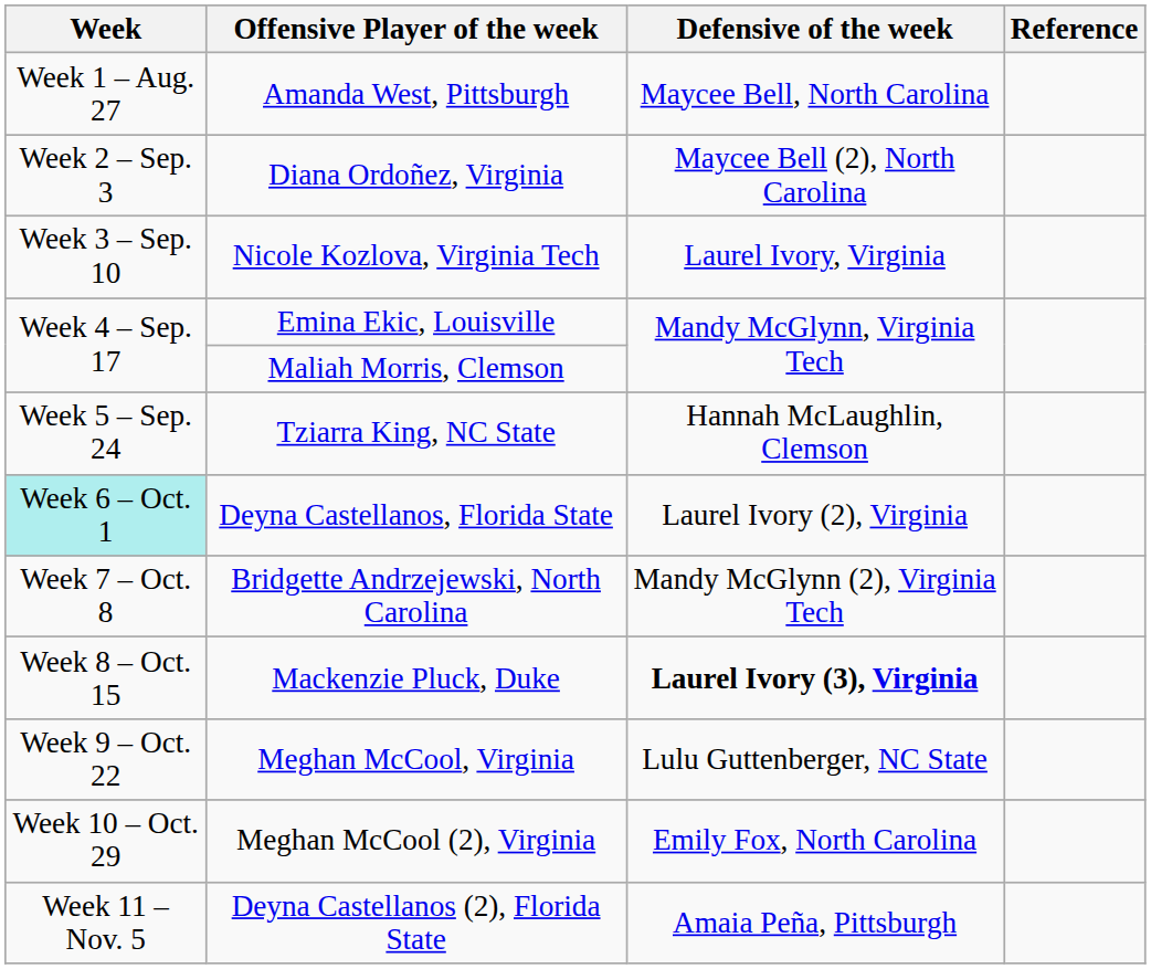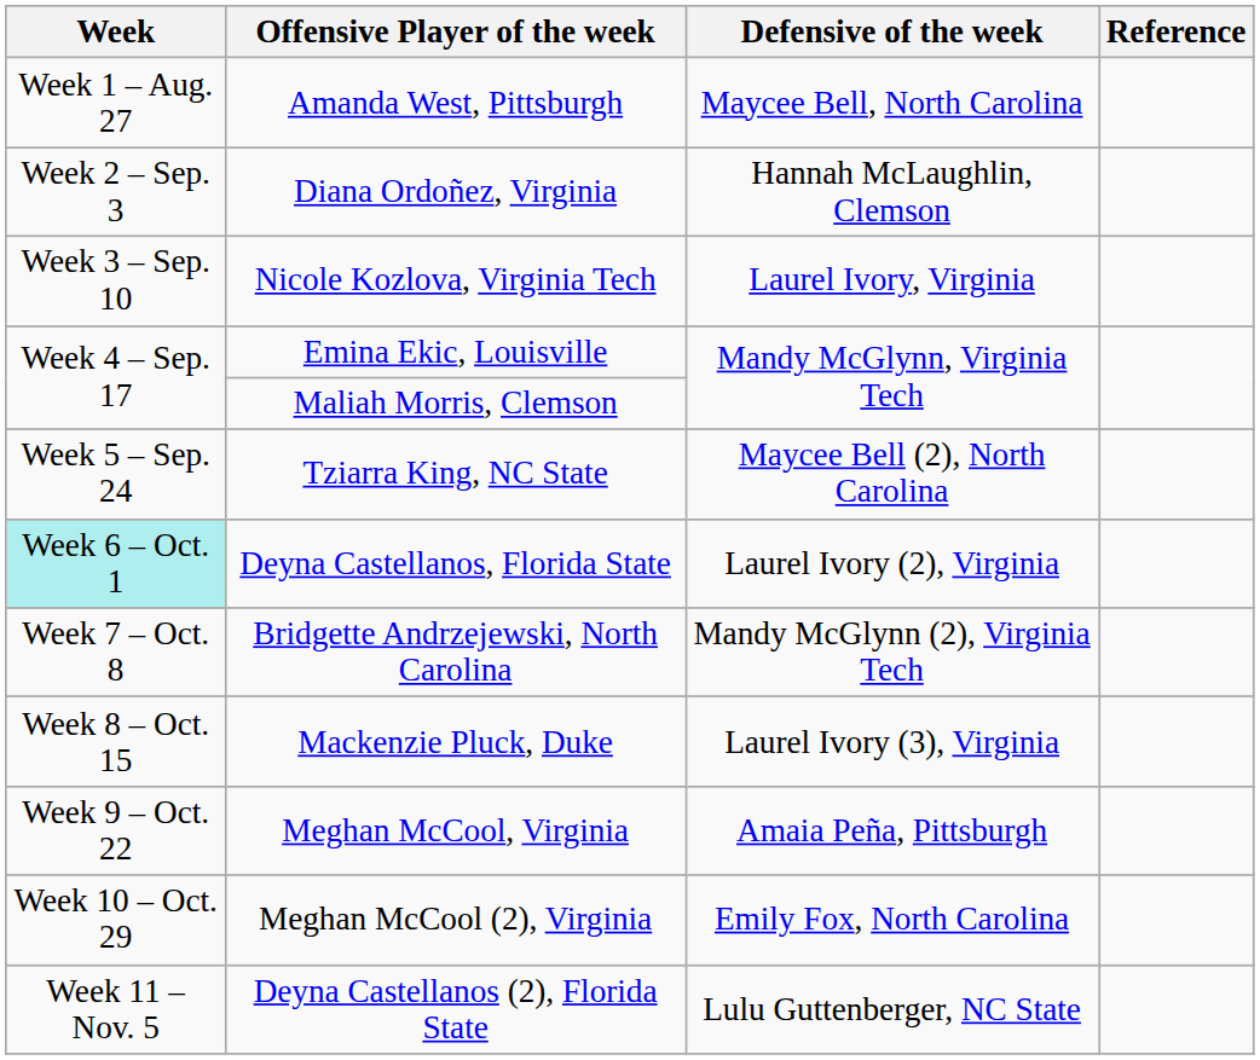 <table class="wikitable" border="1" style="text-align:center">
 <tr>
 <th>Week</th>
 <th>Offensive Player of the week</th>
 <th>Defensive of the week</th>
 <th>Reference</th>
 </tr>
 <tr>
 <td>Week 1 – Aug. 27</td>
 <td><a href='#'>Amanda West</a>, <a href='#'>Pittsburgh</a></td>
 <td><a href='#'>Maycee Bell</a>, <a href='#'>North Carolina</a></td>
 <td></td>
 </tr>
 <tr>
 <td>Week 2 – Sep. 3</td>
 <td><a href='#'>Diana Ordoñez</a>, <a href='#'>Virginia</a></td>
-<td><a href='#'>Maycee Bell</a> (2), <a href='#'>North Carolina</a></td>
+<td>Hannah McLaughlin, <a href='#'>Clemson</a></td>
 <td></td>
 </tr>
 <tr>
 <td>Week 3 – Sep. 10</td>
 <td><a href='#'>Nicole Kozlova</a>, <a href='#'>Virginia Tech</a></td>
 <td><a href='#'>Laurel Ivory</a>, <a href='#'>Virginia</a></td>
 <td></td>
 </tr>
 <tr>
 <td rowspan=2>Week 4 – Sep. 17</td>
 <td><a href='#'>Emina Ekic</a>, <a href='#'>Louisville</a></td>
 <td rowspan=2><a href='#'>Mandy McGlynn</a>, <a href='#'>Virginia Tech</a></td>
 <td rowspan=2></td>
 </tr>
 <tr>
 <td><a href='#'>Maliah Morris</a>, <a href='#'>Clemson</a></td>
 </tr>
 <tr>
 <td>Week 5 – Sep. 24</td>
 <td><a href='#'>Tziarra King</a>, <a href='#'>NC State</a></td>
-<td>Hannah McLaughlin, <a href='#'>Clemson</a></td>
+<td><a href='#'>Maycee Bell</a> (2), <a href='#'>North Carolina</a></td>
 <td></td>
 </tr>
 <tr>
 <td style="background: paleturquoise;">Week 6 – Oct. 1</td>
 <td><a href='#'>Deyna Castellanos</a>, <a href='#'>Florida State</a></td>
 <td>Laurel Ivory (2), <a href='#'>Virginia</a></td>
 <td></td>
 </tr>
 <tr>
 <td>Week 7 – Oct. 8</td>
 <td><a href='#'>Bridgette Andrzejewski</a>, <a href='#'>North Carolina</a></td>
 <td>Mandy McGlynn (2), <a href='#'>Virginia Tech</a></td>
 <td></td>
 </tr>
 <tr>
 <td>Week 8 – Oct. 15</td>
 <td><a href='#'>Mackenzie Pluck</a>, <a href='#'>Duke</a></td>
-<td><strong>Laurel Ivory (3), <a href='#'>Virginia</a></strong></td>
+<td>Laurel Ivory (3), <a href='#'>Virginia</a></td>
 <td></td>
 </tr>
 <tr>
 <td>Week 9 – Oct. 22</td>
 <td><a href='#'>Meghan McCool</a>, <a href='#'>Virginia</a></td>
-<td>Lulu Guttenberger, <a href='#'>NC State</a></td>
+<td><a href='#'>Amaia Peña</a>, <a href='#'>Pittsburgh</a></td>
 <td></td>
 </tr>
 <tr>
 <td>Week 10 – Oct. 29</td>
 <td>Meghan McCool (2), <a href='#'>Virginia</a></td>
 <td><a href='#'>Emily Fox</a>, <a href='#'>North Carolina</a></td>
 <td></td>
 </tr>
 <tr>
 <td>Week 11 – Nov. 5</td>
 <td><a href='#'>Deyna Castellanos</a> (2), <a href='#'>Florida State</a></td>
-<td><a href='#'>Amaia Peña</a>, <a href='#'>Pittsburgh</a></td>
+<td>Lulu Guttenberger, <a href='#'>NC State</a></td>
 <td></td>
 </tr>
 </table>
